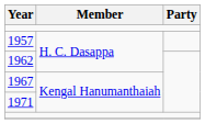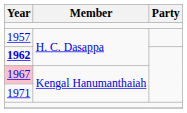 <table class="wikitable sortable">
 <tr>
 <th>Year</th>
 <th>Member</th>
 <th colspan="2">Party</th>
 </tr>
 <tr>
 <td colspan=4></td>
 </tr>
 <tr>
 <td><a href='#'>1957</a></td>
 <td rowspan="2"><a href='#'>H. C. Dasappa</a></td>
 <td></td>
 </tr>
 <tr>
-<td><a href='#'>1962</a></td>
+<td><strong><a href='#'>1962</a></strong></td>
 </tr>
 <tr>
-<td><a href='#'>1967</a></td>
+<td style="background: pink;"><a href='#'>1967</a></td>
 <td rowspan="2"><a href='#'>Kengal Hanumanthaiah</a></td>
 </tr>
 <tr>
 <td><a href='#'>1971</a></td>
 </tr>
 <tr>
 <td colspan=4></td>
 </tr>
 <tr>
 </tr>
 </table>
